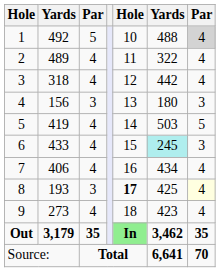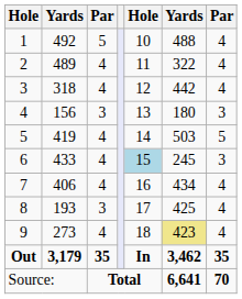 <table class="wikitable" style="text-align:center;">
 <tr>
 <th>Hole</th>
 <th>Yards</th>
 <th>Par</th>
 <th></th>
 <th>Hole</th>
 <th>Yards</th>
 <th>Par</th>
 </tr>
 <tr>
 <td>1</td>
 <td>492</td>
 <td>5</td>
 <td rowspan="10" style="background:#E6E8FA;"></td>
 <td>10</td>
 <td>488</td>
-<td style="background: lightgrey;">4</td>
+<td>4</td>
 </tr>
 <tr>
 <td>2</td>
 <td>489</td>
 <td>4</td>
 <td>11</td>
 <td>322</td>
 <td>4</td>
 </tr>
 <tr>
 <td>3</td>
 <td>318</td>
 <td>4</td>
 <td>12</td>
 <td>442</td>
 <td>4</td>
 </tr>
 <tr>
 <td>4</td>
 <td>156</td>
 <td>3</td>
 <td>13</td>
 <td>180</td>
 <td>3</td>
 </tr>
 <tr>
 <td>5</td>
 <td>419</td>
 <td>4</td>
 <td>14</td>
 <td>503</td>
 <td>5</td>
 </tr>
 <tr>
 <td>6</td>
 <td>433</td>
 <td>4</td>
-<td>15</td>
-<td style="background: paleturquoise;">245</td>
+<td style="background: lightblue;">15</td>
+<td>245</td>
 <td>3</td>
 </tr>
 <tr>
 <td>7</td>
 <td>406</td>
 <td>4</td>
 <td>16</td>
 <td>434</td>
 <td>4</td>
 </tr>
 <tr>
 <td>8</td>
 <td>193</td>
 <td>3</td>
-<td><strong>17</strong></td>
+<td>17</td>
 <td>425</td>
-<td style="background: lightyellow;">4</td>
+<td>4</td>
 </tr>
 <tr>
 <td>9</td>
 <td>273</td>
 <td>4</td>
 <td>18</td>
-<td>423</td>
+<td style="background: khaki;">423</td>
 <td>4</td>
 </tr>
 <tr>
 <td><strong>Out</strong></td>
 <td><strong>3,179</strong></td>
 <td><strong>35</strong></td>
-<td style="background: lightgreen;"><strong>In</strong></td>
+<td><strong>In</strong></td>
 <td><strong>3,462</strong></td>
 <td><strong>35</strong></td>
 </tr>
 <tr>
 <td colspan="2" style="text-align:left;">Source:</td>
 <td colspan=3><strong>Total</strong></td>
 <td><strong>6,641</strong></td>
 <td><strong>70</strong></td>
 </tr>
 </table>
